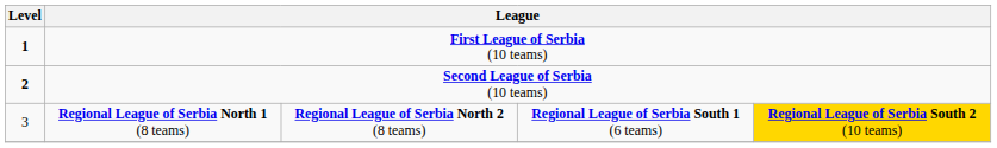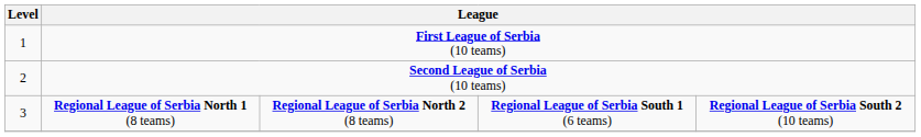 <table class="wikitable" style="text-align: center;">
 <tr south>
 <th width="4%">Level</th>
 <th colspan="4" width="96%">League</th>
 </tr>
 <tr>
-<td width="4%"><strong>1</strong></td>
+<td width="4%">1</td>
 <td colspan="4" width="96%"><strong><a href='#'>First League of Serbia</a></strong><br>(10 teams)<br></td>
 </tr>
 <tr>
-<td width="4%"><strong>2</strong></td>
+<td width="4%">2</td>
 <td colspan="4" width="96%"><strong><a href='#'>Second League of Serbia</a></strong><br>(10 teams)</td>
 </tr>
 <tr>
 <td width="4%">3</td>
 <td width="24%"><strong><a href='#'>Regional League of Serbia</a> North 1</strong><br>(8 teams)</td>
 <td width="24%"><strong><a href='#'>Regional League of Serbia</a> North 2</strong><br>(8 teams)</td>
 <td width="24%"><strong><a href='#'>Regional League of Serbia</a> South 1</strong><br>(6 teams)</td>
-<td width="24%" style="background: gold;"><strong><a href='#'>Regional League of Serbia</a> South 2</strong><br>(10 teams)</td>
+<td width="24%"><strong><a href='#'>Regional League of Serbia</a> South 2</strong><br>(10 teams)</td>
 </tr>
 <tr>
 </tr>
 </table>
